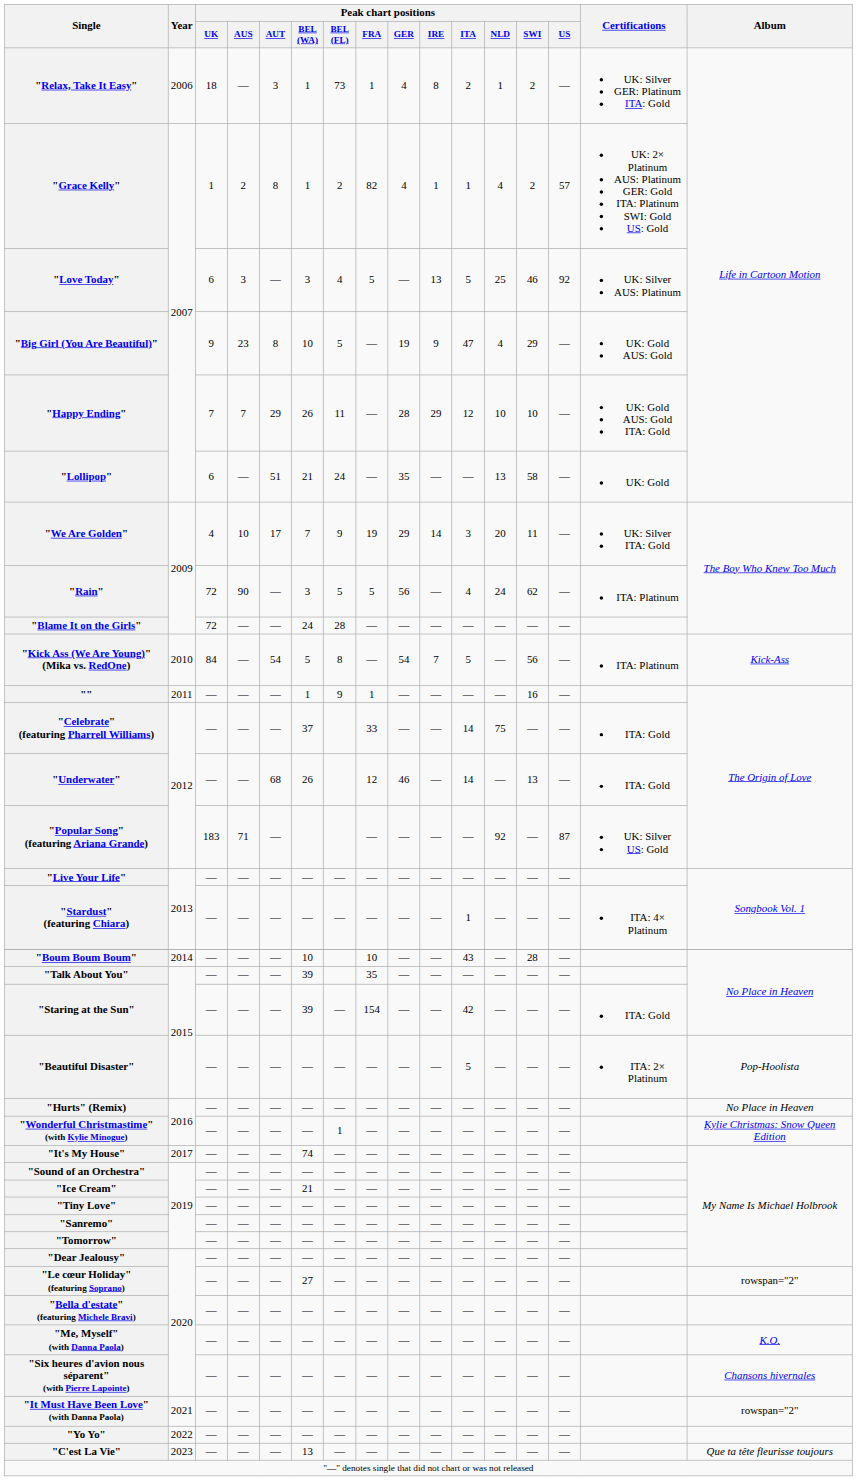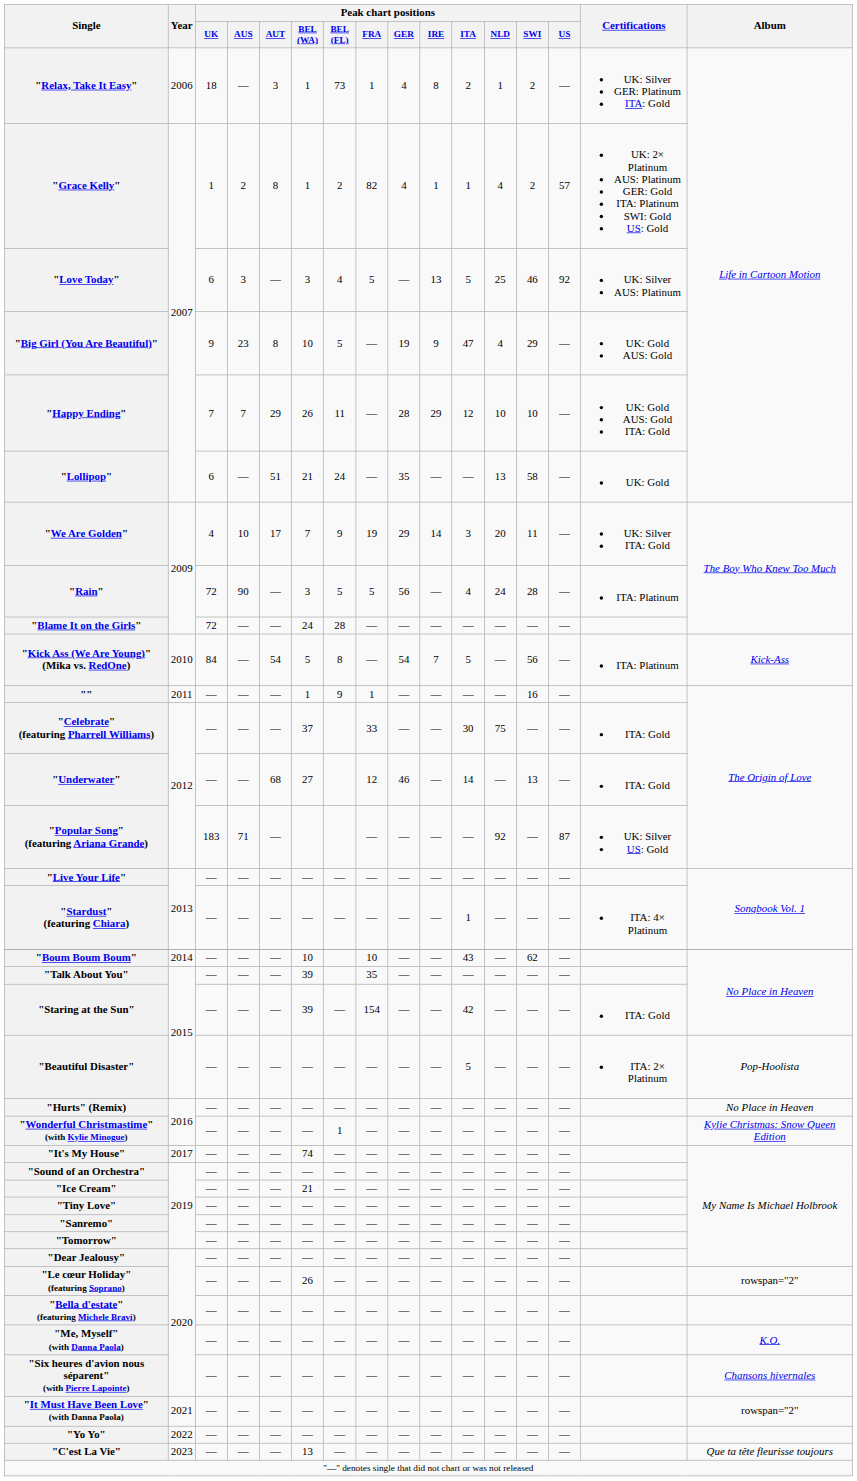 <table class="wikitable plainrowheaders" style="text-align:center;" border="1">
 <tr>
 <th scope="colw" rowspan="2">Single</th>
 <th scope="col" rowspan="2">Year</th>
 <th scope="col" colspan="12">Peak chart positions</th>
 <th scope="col" rowspan="2"><a href='#'>Certifications</a></th>
 <th scope="col" rowspan="2">Album</th>
 </tr>
 <tr>
 <th scope="col" style="width:3em;font-size:85%;"><a href='#'>UK</a><br></th>
 <th scope="col" style="width:3em;font-size:85%;"><a href='#'>AUS</a><br></th>
 <th scope="col" style="width:3em;font-size:85%;"><a href='#'>AUT</a><br></th>
 <th scope="col" style="width:3em;font-size:85%;"><a href='#'>BEL<br>(WA)</a><br></th>
 <th scope="col" style="width:3em;font-size:85%;"><a href='#'>BEL<br>(FL)</a><br></th>
 <th scope="col" style="width:3em;font-size:85%;"><a href='#'>FRA</a><br></th>
 <th scope="col" style="width:3em;font-size:85%;"><a href='#'>GER</a><br></th>
 <th scope="col" style="width:3em;font-size:85%;"><a href='#'>IRE</a><br></th>
 <th scope="col" style="width:3em;font-size:85%;"><a href='#'>ITA</a><br></th>
 <th scope="col" style="width:3em;font-size:85%;"><a href='#'>NLD</a><br></th>
 <th scope="col" style="width:3em;font-size:85%;"><a href='#'>SWI</a><br></th>
 <th scope="col" style="width:3em;font-size:85%;"><a href='#'>US</a><br></th>
 </tr>
 <tr>
 <th scope="row">"<a href='#'>Relax, Take It Easy</a>"</th>
 <td>2006</td>
 <td>18</td>
 <td>—</td>
 <td>3</td>
 <td>1</td>
 <td>73</td>
 <td>1</td>
 <td>4</td>
 <td>8</td>
 <td>2</td>
 <td>1</td>
 <td>2</td>
 <td>—</td>
 <td><br><ul><li>UK: Silver</li><li>GER: Platinum</li><li><a href='#'>ITA</a>: Gold</li></ul></td>
 <td rowspan="6"><em><a href='#'>Life in Cartoon Motion</a></em></td>
 </tr>
 <tr>
 <th scope="row">"<a href='#'>Grace Kelly</a>"</th>
 <td rowspan="5">2007</td>
 <td>1</td>
 <td>2</td>
 <td>8</td>
 <td>1</td>
 <td>2</td>
 <td>82</td>
 <td>4</td>
 <td>1</td>
 <td>1</td>
 <td>4</td>
 <td>2</td>
 <td>57</td>
 <td><br><ul><li>UK: 2× Platinum</li><li>AUS: Platinum</li><li>GER: Gold</li><li>ITA: Platinum</li><li>SWI: Gold</li><li><a href='#'>US</a>: Gold</li></ul></td>
 </tr>
 <tr>
 <th scope="row">"<a href='#'>Love Today</a>"</th>
 <td>6</td>
 <td>3</td>
 <td>—</td>
 <td>3</td>
 <td>4</td>
 <td>5</td>
 <td>—</td>
 <td>13</td>
 <td>5</td>
 <td>25</td>
 <td>46</td>
 <td>92</td>
 <td><br><ul><li>UK: Silver</li><li>AUS: Platinum</li></ul></td>
 </tr>
 <tr>
 <th scope="row">"<a href='#'>Big Girl (You Are Beautiful)</a>"</th>
 <td>9</td>
 <td>23</td>
 <td>8</td>
 <td>10</td>
 <td>5</td>
 <td>—</td>
 <td>19</td>
 <td>9</td>
 <td>47</td>
 <td>4</td>
 <td>29</td>
 <td>—</td>
 <td><br><ul><li>UK: Gold</li><li>AUS: Gold</li></ul></td>
 </tr>
 <tr>
 <th scope="row">"<a href='#'>Happy Ending</a>"</th>
 <td>7</td>
 <td>7</td>
 <td>29</td>
 <td>26</td>
 <td>11</td>
 <td>—</td>
 <td>28</td>
 <td>29</td>
 <td>12</td>
 <td>10</td>
 <td>10</td>
 <td>—</td>
 <td><br><ul><li>UK: Gold</li><li>AUS: Gold</li><li>ITA: Gold</li></ul></td>
 </tr>
 <tr>
 <th scope="row">"<a href='#'>Lollipop</a>"</th>
 <td>6</td>
 <td>—</td>
 <td>51</td>
 <td>21</td>
 <td>24</td>
 <td>—</td>
 <td>35</td>
 <td>—</td>
 <td>—</td>
 <td>13</td>
 <td>58</td>
 <td>—</td>
 <td><br><ul><li>UK: Gold</li></ul></td>
 </tr>
 <tr>
 <th scope="row">"<a href='#'>We Are Golden</a>"</th>
 <td rowspan="3">2009</td>
 <td>4</td>
 <td>10</td>
 <td>17</td>
 <td>7</td>
 <td>9</td>
 <td>19</td>
 <td>29</td>
 <td>14</td>
 <td>3</td>
 <td>20</td>
 <td>11</td>
 <td>—</td>
 <td><br><ul><li>UK: Silver</li><li>ITA: Gold</li></ul></td>
 <td rowspan="3"><em><a href='#'>The Boy Who Knew Too Much</a></em></td>
 </tr>
 <tr>
 <th scope="row">"<a href='#'>Rain</a>"</th>
 <td>72</td>
 <td>90</td>
 <td>—</td>
 <td>3</td>
 <td>5</td>
 <td>5</td>
 <td>56</td>
 <td>—</td>
 <td>4</td>
 <td>24</td>
-<td>62</td>
+<td>28</td>
 <td>—</td>
 <td><br><ul><li>ITA: Platinum</li></ul></td>
 </tr>
 <tr>
 <th scope="row">"<a href='#'>Blame It on the Girls</a>"</th>
 <td>72</td>
 <td>—</td>
 <td>—</td>
 <td>24</td>
 <td>28</td>
 <td>—</td>
 <td>—</td>
 <td>—</td>
 <td>—</td>
 <td>—</td>
 <td>—</td>
 <td>—</td>
 </tr>
 <tr>
 <th scope="row">"<a href='#'>Kick Ass (We Are Young)</a>"<br><span>(Mika vs. <a href='#'>RedOne</a>)</span></th>
 <td>2010</td>
 <td>84</td>
 <td>—</td>
 <td>54</td>
 <td>5</td>
 <td>8</td>
 <td>—</td>
 <td>54</td>
 <td>7</td>
 <td>5</td>
 <td>—</td>
 <td>56</td>
 <td>—</td>
 <td><br><ul><li>ITA: Platinum</li></ul></td>
 <td><em><a href='#'>Kick-Ass</a></em></td>
 </tr>
 <tr>
 <th scope="row">""</th>
 <td>2011</td>
 <td>—</td>
 <td>—</td>
 <td>—</td>
 <td>1</td>
 <td>9</td>
 <td>1</td>
 <td>—</td>
 <td>—</td>
 <td>—</td>
 <td>—</td>
 <td>16</td>
 <td>—</td>
 <td></td>
 <td rowspan="4"><em><a href='#'>The Origin of Love</a></em></td>
 </tr>
 <tr>
 <th scope="row">"<a href='#'>Celebrate</a>"<br><span>(featuring <a href='#'>Pharrell Williams</a>)</span></th>
 <td rowspan="3">2012</td>
 <td>—</td>
 <td>—</td>
 <td>—</td>
 <td>37</td>
 <td></td>
 <td>33</td>
 <td>—</td>
 <td>—</td>
-<td>14</td>
+<td>30</td>
 <td>75</td>
 <td>—</td>
 <td>—</td>
 <td><br><ul><li>ITA: Gold</li></ul></td>
 </tr>
 <tr>
 <th scope="row">"<a href='#'>Underwater</a>"</th>
 <td>—</td>
 <td>—</td>
 <td>68</td>
-<td>26</td>
+<td>27</td>
 <td></td>
 <td>12</td>
 <td>46</td>
 <td>—</td>
 <td>14</td>
 <td>—</td>
 <td>13</td>
 <td>—</td>
 <td><br><ul><li>ITA: Gold</li></ul></td>
 </tr>
 <tr>
 <th scope="row">"<a href='#'>Popular Song</a>"<br><span>(featuring <a href='#'>Ariana Grande</a>)</span></th>
 <td>183</td>
 <td>71</td>
 <td>—</td>
 <td></td>
 <td></td>
 <td>—</td>
 <td>—</td>
 <td>—</td>
 <td>—</td>
 <td>92</td>
 <td>—</td>
 <td>87</td>
 <td><br><ul><li>UK: Silver</li><li><a href='#'>US</a>: Gold</li></ul></td>
 </tr>
 <tr>
 <th scope="row">"<a href='#'>Live Your Life</a>"</th>
 <td rowspan="2">2013</td>
 <td>—</td>
 <td>—</td>
 <td>—</td>
 <td>—</td>
 <td>—</td>
 <td>—</td>
 <td>—</td>
 <td>—</td>
 <td>—</td>
 <td>—</td>
 <td>—</td>
 <td>—</td>
 <td></td>
 <td rowspan="2"><em><a href='#'>Songbook Vol. 1</a></em></td>
 </tr>
 <tr>
 <th scope="row">"<a href='#'>Stardust</a>"<br><span>(featuring <a href='#'>Chiara</a>)</span></th>
 <td>—</td>
 <td>—</td>
 <td>—</td>
 <td>—</td>
 <td>—</td>
 <td>—</td>
 <td>—</td>
 <td>—</td>
 <td>1</td>
 <td>—</td>
 <td>—</td>
 <td>—</td>
 <td><br><ul><li>ITA: 4× Platinum</li></ul></td>
 </tr>
 <tr>
 </tr>
 <tr>
 <th scope="row">"<a href='#'>Boum Boum Boum</a>"</th>
 <td>2014</td>
 <td>—</td>
 <td>—</td>
 <td>—</td>
 <td>10</td>
 <td></td>
 <td>10</td>
 <td>—</td>
 <td>—</td>
 <td>43</td>
 <td>—</td>
-<td>28</td>
+<td>62</td>
 <td>—</td>
 <td></td>
 <td rowspan="3"><em><a href='#'>No Place in Heaven</a></em></td>
 </tr>
 <tr>
 <th scope="row">"Talk About You"</th>
 <td rowspan="3">2015</td>
 <td>—</td>
 <td>—</td>
 <td>—</td>
 <td>39</td>
 <td></td>
 <td>35</td>
 <td>—</td>
 <td>—</td>
 <td>—</td>
 <td>—</td>
 <td>—</td>
 <td>—</td>
 <td></td>
 </tr>
 <tr>
 <th scope="row">"Staring at the Sun"</th>
 <td>—</td>
 <td>—</td>
 <td>—</td>
 <td>39</td>
 <td>—</td>
 <td>154</td>
 <td>—</td>
 <td>—</td>
 <td>42</td>
 <td>—</td>
 <td>—</td>
 <td>—</td>
 <td><br><ul><li>ITA: Gold</li></ul></td>
 </tr>
 <tr>
 <th scope="row">"Beautiful Disaster"<br></th>
 <td>—</td>
 <td>—</td>
 <td>—</td>
 <td>—</td>
 <td>—</td>
 <td>—</td>
 <td>—</td>
 <td>—</td>
 <td>5</td>
 <td>—</td>
 <td>—</td>
 <td>—</td>
 <td><br><ul><li>ITA: 2× Platinum</li></ul></td>
 <td><em>Pop-Hoolista</em></td>
 </tr>
 <tr>
 <th scope="row">"Hurts" (Remix)</th>
 <td rowspan="2">2016</td>
 <td>—</td>
 <td>—</td>
 <td>—</td>
 <td>—</td>
 <td>—</td>
 <td>—</td>
 <td>—</td>
 <td>—</td>
 <td>—</td>
 <td>—</td>
 <td>—</td>
 <td>—</td>
 <td></td>
 <td><em>No Place in Heaven</em></td>
 </tr>
 <tr>
 <th scope="row">"<a href='#'>Wonderful Christmastime</a>"<br><small>(with <a href='#'>Kylie Minogue</a>)</small></th>
 <td>—</td>
 <td>—</td>
 <td>—</td>
 <td>—</td>
 <td>1</td>
 <td>—</td>
 <td>—</td>
 <td>—</td>
 <td>—</td>
 <td>—</td>
 <td>—</td>
 <td>—</td>
 <td></td>
 <td><em><a href='#'>Kylie Christmas: Snow Queen Edition</a></em></td>
 </tr>
 <tr>
 <th scope="row">"It's My House"</th>
 <td>2017</td>
 <td>—</td>
 <td>—</td>
 <td>—</td>
 <td>74</td>
 <td>—</td>
 <td>—</td>
 <td>—</td>
 <td>—</td>
 <td>—</td>
 <td>—</td>
 <td>—</td>
 <td>—</td>
 <td></td>
 <td rowspan="7"><em>My Name Is Michael Holbrook</em></td>
 </tr>
 <tr>
 <th scope="row">"Sound of an Orchestra"</th>
 <td rowspan="5">2019</td>
 <td>—</td>
 <td>—</td>
 <td>—</td>
 <td>—</td>
 <td>—</td>
 <td>—</td>
 <td>—</td>
 <td>—</td>
 <td>—</td>
 <td>—</td>
 <td>—</td>
 <td>—</td>
 <td></td>
 </tr>
 <tr>
 <th scope="row">"Ice Cream"</th>
 <td>—</td>
 <td>—</td>
 <td>—</td>
 <td>21</td>
 <td>—</td>
 <td>—</td>
 <td>—</td>
 <td>—</td>
 <td>—</td>
 <td>—</td>
 <td>—</td>
 <td>—</td>
 <td></td>
 </tr>
 <tr>
 <th scope="row">"Tiny Love"</th>
 <td>—</td>
 <td>—</td>
 <td>—</td>
 <td>—</td>
 <td>—</td>
 <td>—</td>
 <td>—</td>
 <td>—</td>
 <td>—</td>
 <td>—</td>
 <td>—</td>
 <td>—</td>
 <td></td>
 </tr>
 <tr>
 <th scope="row">"Sanremo"</th>
 <td>—</td>
 <td>—</td>
 <td>—</td>
 <td>—</td>
 <td>—</td>
 <td>—</td>
 <td>—</td>
 <td>—</td>
 <td>—</td>
 <td>—</td>
 <td>—</td>
 <td>—</td>
 <td></td>
 </tr>
 <tr>
 <th scope="row">"Tomorrow"</th>
 <td>—</td>
 <td>—</td>
 <td>—</td>
 <td>—</td>
 <td>—</td>
 <td>—</td>
 <td>—</td>
 <td>—</td>
 <td>—</td>
 <td>—</td>
 <td>—</td>
 <td>—</td>
 <td></td>
 </tr>
 <tr>
 <th scope="row">"Dear Jealousy"</th>
 <td rowspan="5">2020</td>
 <td>—</td>
 <td>—</td>
 <td>—</td>
 <td>—</td>
 <td>—</td>
 <td>—</td>
 <td>—</td>
 <td>—</td>
 <td>—</td>
 <td>—</td>
 <td>—</td>
 <td>—</td>
 <td></td>
 </tr>
 <tr>
 <th scope="row">"Le cœur Holiday"<br><small>(featuring <a href='#'>Soprano</a>)</small></th>
 <td>—</td>
 <td>—</td>
 <td>—</td>
-<td>27</td>
+<td>26</td>
 <td>—</td>
 <td>—</td>
 <td>—</td>
 <td>—</td>
 <td>—</td>
 <td>—</td>
 <td>—</td>
 <td>—</td>
 <td></td>
 <td>rowspan="2"</td>
 </tr>
 <tr>
 <th scope="row">"<a href='#'>Bella d'estate</a>"<br><small>(featuring <a href='#'>Michele Bravi</a>)</small></th>
 <td>—</td>
 <td>—</td>
 <td>—</td>
 <td>—</td>
 <td>—</td>
 <td>—</td>
 <td>—</td>
 <td>—</td>
 <td>—</td>
 <td>—</td>
 <td>—</td>
 <td>—</td>
 <td></td>
 </tr>
 <tr>
 <th scope="row">"Me, Myself"<br><small>(with <a href='#'>Danna Paola</a>)</small></th>
 <td>—</td>
 <td>—</td>
 <td>—</td>
 <td>—</td>
 <td>—</td>
 <td>—</td>
 <td>—</td>
 <td>—</td>
 <td>—</td>
 <td>—</td>
 <td>—</td>
 <td>—</td>
 <td></td>
 <td><em><a href='#'>K.O.</a></em></td>
 </tr>
 <tr>
 <th scope="row">"Six heures d'avion nous séparent"<br><small>(with <a href='#'>Pierre Lapointe</a>)</small></th>
 <td>—</td>
 <td>—</td>
 <td>—</td>
 <td>—</td>
 <td>—</td>
 <td>—</td>
 <td>—</td>
 <td>—</td>
 <td>—</td>
 <td>—</td>
 <td>—</td>
 <td>—</td>
 <td></td>
 <td><em><a href='#'>Chansons hivernales</a></em></td>
 </tr>
 <tr>
 <th scope="row">"<a href='#'>It Must Have Been Love</a>"<br><small>(with Danna Paola)</small></th>
 <td>2021</td>
 <td>—</td>
 <td>—</td>
 <td>—</td>
 <td>—</td>
 <td>—</td>
 <td>—</td>
 <td>—</td>
 <td>—</td>
 <td>—</td>
 <td>—</td>
 <td>—</td>
 <td>—</td>
 <td></td>
 <td>rowspan="2" </td>
 </tr>
 <tr>
 <th scope="row">"Yo Yo"<br><small></small></th>
 <td>2022</td>
 <td>—</td>
 <td>—</td>
 <td>—</td>
 <td>—</td>
 <td>—</td>
 <td>—</td>
 <td>—</td>
 <td>—</td>
 <td>—</td>
 <td>—</td>
 <td>—</td>
 <td>—</td>
 <td></td>
 </tr>
 <tr>
 <th scope="row">"C'est La Vie"</th>
 <td>2023</td>
 <td>—</td>
 <td>—</td>
 <td>—</td>
 <td>13</td>
 <td>—</td>
 <td>—</td>
 <td>—</td>
 <td>—</td>
 <td>—</td>
 <td>—</td>
 <td>—</td>
 <td>—</td>
 <td></td>
 <td><em>Que ta tête fleurisse toujours</em></td>
 </tr>
 <tr>
 <td colspan="16" style="font-size:85%">"—" denotes single that did not chart or was not released</td>
 </tr>
 </table>
